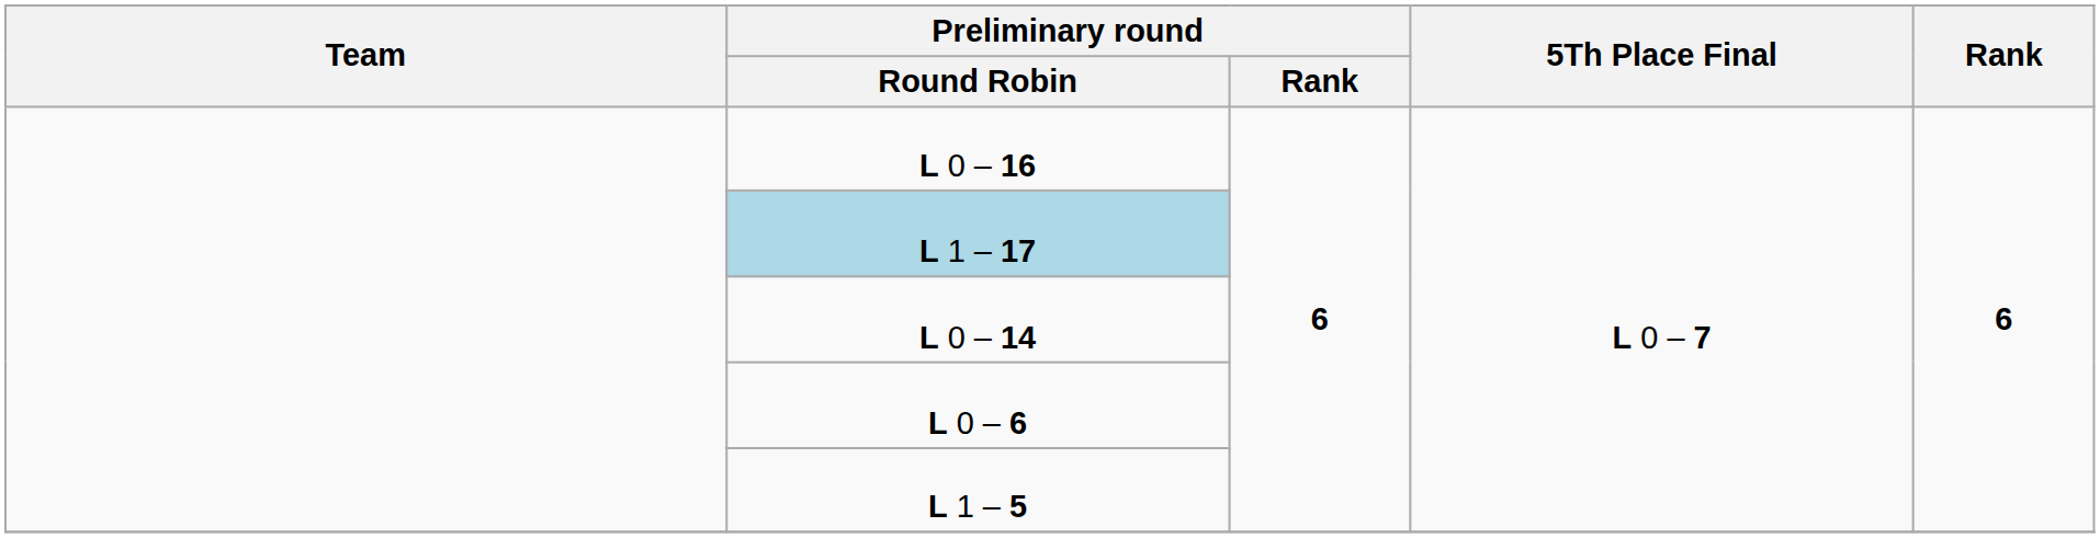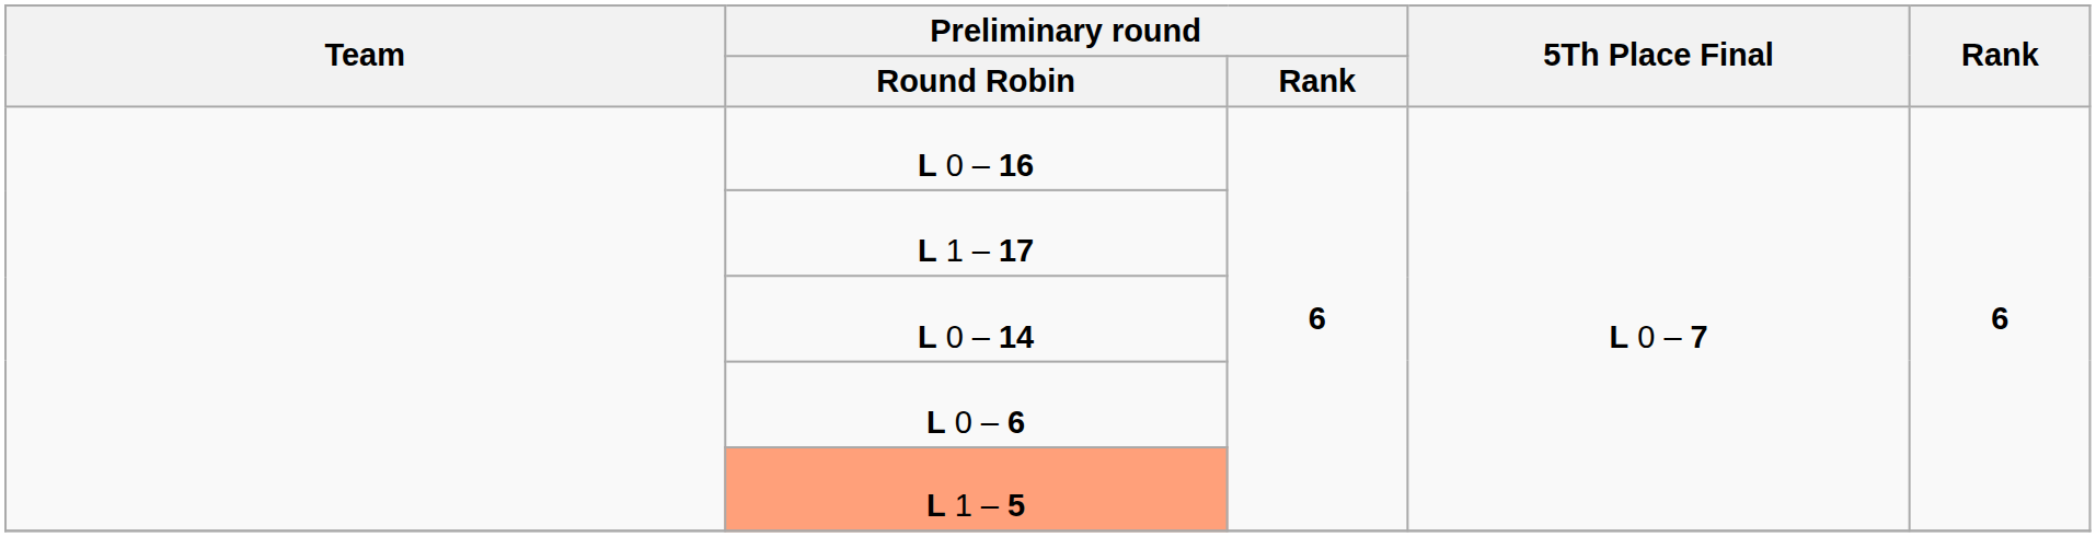 <table class="wikitable" width="75%" style="text-align:left; font-size:90%">
 <tr>
 <th rowspan="2" width="20%">Team</th>
 <th colspan="2">Preliminary round</th>
 <th rowspan="2" width="14%">5Th Place Final</th>
 <th rowspan="2" width="5%">Rank</th>
 </tr>
 <tr>
 <th width="14%">Round Robin</th>
 <th width="5%">Rank</th>
 </tr>
 <tr>
 <td rowspan="5"></td>
 <td align=center><br><strong>L</strong> 0 – <strong>16</strong></td>
 <td rowspan=5 align=center><strong>6</strong></td>
 <td rowspan=5 align=center><br><strong>L</strong> 0 – <strong>7</strong></td>
 <td rowspan=5 align=center><strong>6</strong></td>
 </tr>
 <tr>
-<td align=center style="background: lightblue;"><br><strong>L</strong> 1 – <strong>17</strong></td>
+<td align=center><br><strong>L</strong> 1 – <strong>17</strong></td>
 </tr>
 <tr>
 <td align=center><br><strong>L</strong> 0 – <strong>14</strong></td>
 </tr>
 <tr>
 <td align=center><br><strong>L</strong> 0 – <strong>6</strong></td>
 </tr>
 <tr>
-<td align=center><br><strong>L</strong> 1 – <strong>5</strong></td>
+<td align=center style="background: lightsalmon;"><br><strong>L</strong> 1 – <strong>5</strong></td>
 </tr>
 <tr>
 </tr>
 </table>
